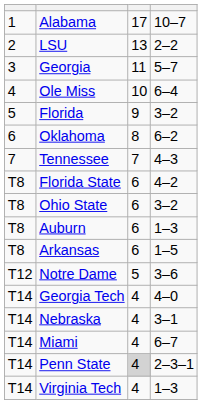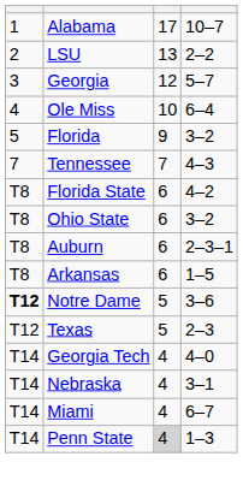 <table class = "wikitable sortable">
 <tr>
 <th></th>
 <th></th>
 <th></th>
 <th></th>
 </tr>
 <tr>
 <td>1</td>
 <td><a href='#'>Alabama</a></td>
 <td>17</td>
 <td>10–7</td>
 </tr>
 <tr>
 <td>2</td>
 <td><a href='#'>LSU</a></td>
 <td>13</td>
 <td>2–2</td>
 </tr>
 <tr>
 <td>3</td>
 <td><a href='#'>Georgia</a></td>
-<td>11</td>
+<td>12</td>
 <td>5–7</td>
 </tr>
 <tr>
 <td>4</td>
 <td><a href='#'>Ole Miss</a></td>
 <td>10</td>
 <td>6–4</td>
 </tr>
 <tr>
 <td>5</td>
 <td><a href='#'>Florida</a></td>
 <td>9</td>
 <td>3–2</td>
-</tr>
-<tr>
-<td>6</td>
-<td><a href='#'>Oklahoma</a></td>
-<td>8</td>
-<td>6–2</td>
 </tr>
 <tr>
 <td>7</td>
 <td><a href='#'>Tennessee</a></td>
 <td>7</td>
 <td>4–3</td>
 </tr>
 <tr>
 <td>T8</td>
 <td><a href='#'>Florida State</a></td>
 <td>6</td>
 <td>4–2</td>
 </tr>
 <tr>
 <td>T8</td>
 <td><a href='#'>Ohio State</a></td>
 <td>6</td>
 <td>3–2 </td>
 </tr>
 <tr>
 <td>T8</td>
 <td><a href='#'>Auburn</a></td>
 <td>6</td>
-<td>1–3</td>
+<td>2–3–1</td>
 </tr>
 <tr>
 <td>T8</td>
 <td><a href='#'>Arkansas</a></td>
 <td>6</td>
 <td>1–5</td>
 </tr>
 <tr>
-<td>T12</td>
+<td><strong>T12</strong></td>
 <td><a href='#'>Notre Dame</a></td>
 <td>5</td>
 <td>3–6</td>
+</tr>
+<tr>
+<td>T12</td>
+<td><a href='#'>Texas</a></td>
+<td>5</td>
+<td>2–3</td>
 </tr>
 <tr>
 <td>T14</td>
 <td><a href='#'>Georgia Tech</a></td>
 <td>4</td>
 <td>4–0</td>
 </tr>
 <tr>
 <td>T14</td>
 <td><a href='#'>Nebraska</a></td>
 <td>4</td>
 <td>3–1</td>
 </tr>
 <tr>
 <td>T14</td>
 <td><a href='#'>Miami</a></td>
 <td>4</td>
 <td>6–7</td>
 </tr>
 <tr>
 <td>T14</td>
 <td><a href='#'>Penn State</a></td>
 <td style="background: lightgrey;">4</td>
-<td>2–3–1</td>
-</tr>
-<tr>
-<td>T14</td>
-<td><a href='#'>Virginia Tech</a></td>
-<td>4</td>
 <td>1–3</td>
 </tr>
 </table>
